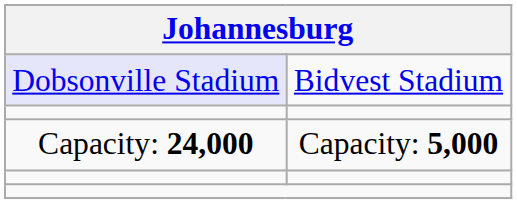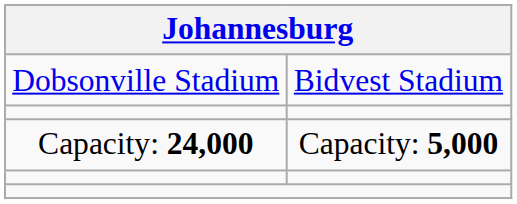 <table class="wikitable" style="text-align:center">
 <tr>
 <th colspan=2> <a href='#'>Johannesburg</a></th>
 </tr>
 <tr>
-<td style="background: lavender;"><a href='#'>Dobsonville Stadium</a></td>
+<td><a href='#'>Dobsonville Stadium</a></td>
 <td><a href='#'>Bidvest Stadium</a></td>
 </tr>
 <tr>
 <td><small></small></td>
 <td><small></small></td>
 </tr>
 <tr>
 <td>Capacity: <strong>24,000</strong></td>
 <td>Capacity: <strong>5,000</strong></td>
 </tr>
 <tr>
 <td></td>
 <td></td>
 </tr>
 <tr>
 <td rowspan=4 colspan=2></td>
 </tr>
 </table>
